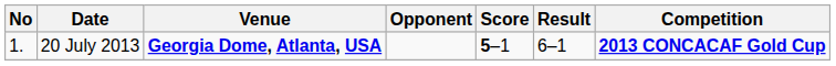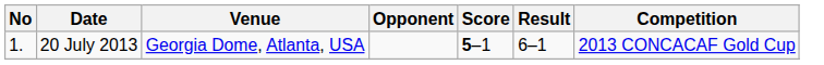 <table class="wikitable" style="font-size:85%;">
 <tr>
 <th>No</th>
 <th>Date</th>
 <th>Venue</th>
 <th>Opponent</th>
 <th>Score</th>
 <th>Result</th>
 <th>Competition</th>
 </tr>
 <tr>
 <td>1.</td>
 <td>20 July 2013</td>
-<td><strong><a href='#'>Georgia Dome</a>, <a href='#'>Atlanta</a>, <a href='#'>USA</a></strong></td>
+<td><a href='#'>Georgia Dome</a>, <a href='#'>Atlanta</a>, <a href='#'>USA</a></td>
 <td></td>
 <td><strong>5</strong>–1</td>
 <td>6–1</td>
-<td><strong><a href='#'>2013 CONCACAF Gold Cup</a></strong></td>
+<td><a href='#'>2013 CONCACAF Gold Cup</a></td>
 </tr>
 <tr>
 </tr>
 </table>
